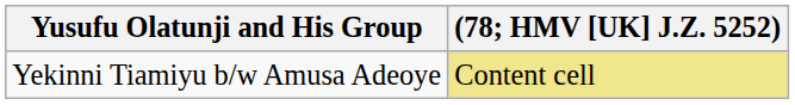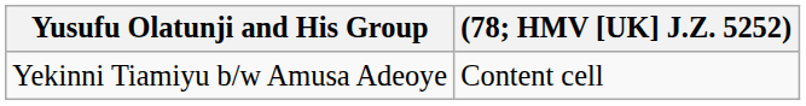 <table class="wikitable">
 <tr>
 <th>Yusufu Olatunji and His Group</th>
 <th>(78; HMV [UK] J.Z. 5252)</th>
 </tr>
 <tr>
 <td>Yekinni Tiamiyu b/w Amusa Adeoye</td>
-<td style="background: khaki;">Content cell</td>
+<td>Content cell</td>
 </tr>
 </table>
